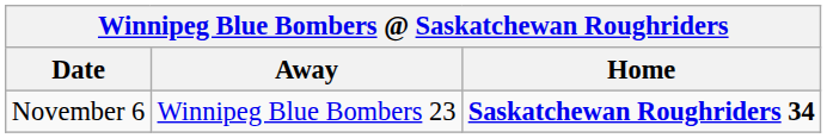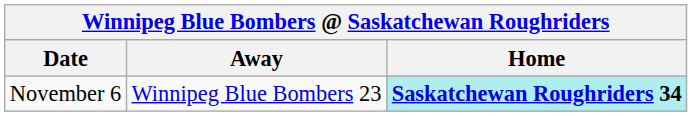 <table class="wikitable">
 <tr>
 <th colspan="3"><a href='#'>Winnipeg Blue Bombers</a> @ <a href='#'>Saskatchewan Roughriders</a></th>
 </tr>
 <tr>
 <th>Date</th>
 <th>Away</th>
 <th>Home</th>
 </tr>
 <tr>
 <td>November 6</td>
 <td><a href='#'>Winnipeg Blue Bombers</a> 23</td>
-<td><strong><a href='#'>Saskatchewan Roughriders</a> 34</strong></td>
+<td style="background: paleturquoise;"><strong><a href='#'>Saskatchewan Roughriders</a> 34</strong></td>
 </tr>
 </table>
